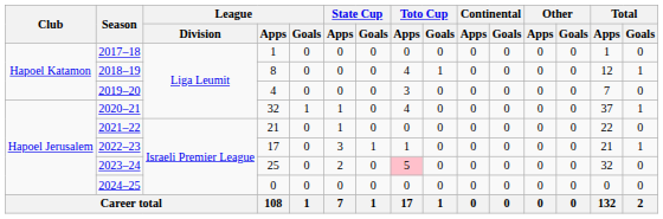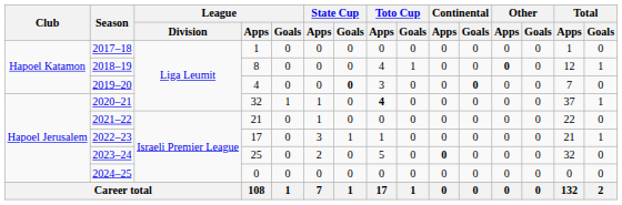 <table class="wikitable" style="text-align: center">
 <tr>
 <th rowspan="2">Club</th>
 <th rowspan="2">Season</th>
 <th colspan="3">League</th>
 <th colspan="2"><a href='#'>State Cup</a></th>
 <th colspan="2"><a href='#'>Toto Cup</a></th>
 <th colspan="2">Continental</th>
 <th colspan="2">Other</th>
 <th colspan="2">Total</th>
 </tr>
 <tr>
 <th>Division</th>
 <th>Apps</th>
 <th>Goals</th>
 <th>Apps</th>
 <th>Goals</th>
 <th>Apps</th>
 <th>Goals</th>
 <th>Apps</th>
 <th>Goals</th>
 <th>Apps</th>
 <th>Goals</th>
 <th>Apps</th>
 <th>Goals</th>
 </tr>
 <tr>
 <td rowspan="3"><a href='#'>Hapoel Katamon</a></td>
 <td><a href='#'>2017–18</a></td>
 <td rowspan="4"><a href='#'>Liga Leumit</a></td>
 <td>1</td>
 <td>0</td>
 <td>0</td>
 <td>0</td>
 <td>0</td>
 <td>0</td>
 <td>0</td>
 <td>0</td>
 <td>0</td>
 <td>0</td>
 <td>1</td>
 <td>0</td>
 </tr>
 <tr>
 <td><a href='#'>2018–19</a></td>
 <td>8</td>
 <td>0</td>
 <td>0</td>
 <td>0</td>
 <td>4</td>
 <td>1</td>
 <td>0</td>
 <td>0</td>
-<td>0</td>
+<td><strong>0</strong></td>
 <td>0</td>
 <td>12</td>
 <td>1</td>
 </tr>
 <tr>
 <td><a href='#'>2019–20</a></td>
 <td>4</td>
 <td>0</td>
 <td>0</td>
-<td>0</td>
+<td><strong>0</strong></td>
 <td>3</td>
 <td>0</td>
 <td>0</td>
-<td>0</td>
+<td><strong>0</strong></td>
 <td>0</td>
 <td>0</td>
 <td>7</td>
 <td>0</td>
 </tr>
 <tr>
 <td rowspan="5"><a href='#'>Hapoel Jerusalem</a></td>
 <td><a href='#'>2020–21</a></td>
 <td>32</td>
 <td>1</td>
 <td>1</td>
 <td>0</td>
-<td>4</td>
+<td><strong>4</strong></td>
 <td>0</td>
 <td>0</td>
 <td>0</td>
 <td>0</td>
 <td>0</td>
 <td>37</td>
 <td>1</td>
 </tr>
 <tr>
 <td><a href='#'>2021–22</a></td>
 <td rowspan="4"><a href='#'>Israeli Premier League</a></td>
 <td>21</td>
 <td>0</td>
 <td>1</td>
 <td>0</td>
 <td>0</td>
 <td>0</td>
 <td>0</td>
 <td>0</td>
 <td>0</td>
 <td>0</td>
 <td>22</td>
 <td>0</td>
 </tr>
 <tr>
 <td><a href='#'>2022–23</a></td>
 <td>17</td>
 <td>0</td>
 <td>3</td>
 <td>1</td>
 <td>1</td>
 <td>0</td>
 <td>0</td>
 <td>0</td>
 <td>0</td>
 <td>0</td>
 <td>21</td>
 <td>1</td>
 </tr>
 <tr>
 <td><a href='#'>2023–24</a></td>
 <td>25</td>
 <td>0</td>
 <td>2</td>
 <td>0</td>
-<td style="background: pink;">5</td>
+<td>5</td>
 <td>0</td>
-<td>0</td>
+<td><strong>0</strong></td>
 <td>0</td>
 <td>0</td>
 <td>0</td>
 <td>32</td>
 <td>0</td>
 </tr>
 <tr>
 <td><a href='#'>2024–25</a></td>
 <td>0</td>
 <td>0</td>
 <td>0</td>
 <td>0</td>
 <td>0</td>
 <td>0</td>
 <td>0</td>
 <td>0</td>
 <td>0</td>
 <td>0</td>
 <td>0</td>
 <td>0</td>
 </tr>
 <tr>
 <th colspan="3">Career total</th>
 <th>108</th>
 <th>1</th>
 <th>7</th>
 <th>1</th>
 <th>17</th>
 <th>1</th>
 <th>0</th>
 <th>0</th>
 <th>0</th>
 <th>0</th>
 <th>132</th>
 <th>2</th>
 </tr>
 </table>
